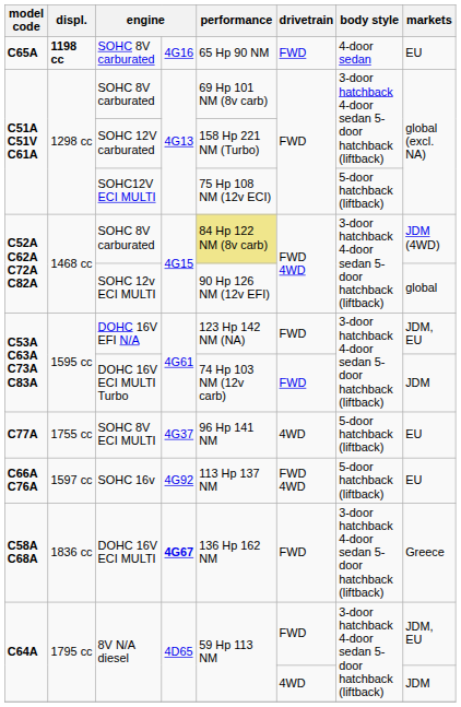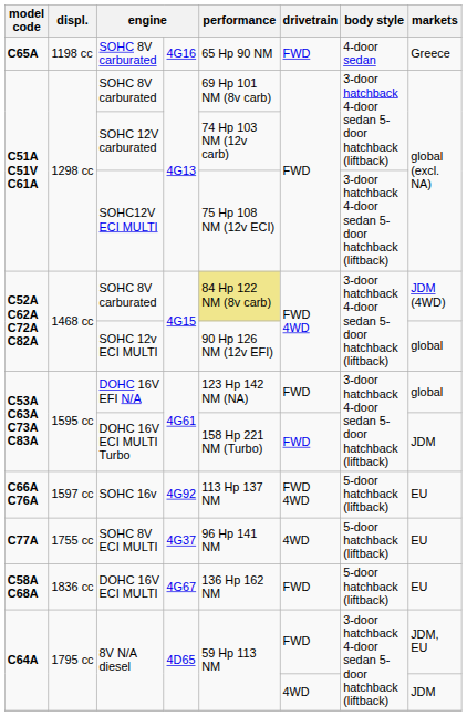 <table class="wikitable" style="text-align:left">
 <tr>
 <th>model code</th>
 <th>displ.</th>
 <th colspan="2">engine</th>
 <th>performance</th>
 <th>drivetrain</th>
 <th>body style</th>
 <th>markets</th>
 </tr>
 <tr>
 <td><strong>C65A</strong></td>
-<td><strong>1198 cc</strong></td>
+<td>1198 cc</td>
 <td><a href='#'>SOHC</a> 8V <a href='#'>carburated</a></td>
 <td><a href='#'>4G16</a></td>
 <td>65 Hp 90 NM</td>
 <td><a href='#'>FWD</a></td>
 <td>4-door <a href='#'>sedan</a></td>
-<td>EU</td>
+<td>Greece</td>
 </tr>
 <tr>
 <td rowspan="3"><strong>C51A</strong><br><strong>C51V</strong> <strong>C61A</strong></td>
 <td rowspan="3">1298 cc</td>
 <td>SOHC 8V carburated</td>
 <td rowspan="3"><a href='#'>4G13</a></td>
 <td>69 Hp 101 NM (8v carb)</td>
 <td rowspan="3">FWD</td>
 <td rowspan="2">3-door <a href='#'>hatchback</a><br>4-door sedan 5-door hatchback (liftback)</td>
 <td rowspan="3">global (excl. NA)</td>
 </tr>
 <tr>
 <td>SOHC 12V carburated</td>
-<td>158 Hp 221 NM (Turbo)</td>
+<td>74 Hp 103 NM (12v carb)</td>
 </tr>
 <tr>
 <td>SOHC12V <a href='#'>ECI MULTI</a></td>
 <td>75 Hp 108 NM (12v ECI)</td>
-<td>5-door hatchback (liftback)</td>
+<td>3-door hatchback<br>4-door sedan 5-door hatchback (liftback)</td>
 </tr>
 <tr>
 <td rowspan="2"><strong>C52A</strong><br><strong>C62A</strong> <strong>C72A</strong> <strong>C82A</strong></td>
 <td rowspan="2">1468 cc</td>
 <td>SOHC 8V carburated</td>
 <td rowspan="2"><a href='#'>4G15</a></td>
 <td style="background: khaki;">84 Hp 122 NM (8v carb)</td>
 <td rowspan="2">FWD<br><a href='#'>4WD</a></td>
 <td rowspan="2">3-door hatchback<br>4-door sedan 5-door hatchback (liftback)</td>
 <td><a href='#'>JDM</a> (4WD)</td>
 </tr>
 <tr>
 <td>SOHC 12v ECI MULTI</td>
 <td>90 Hp 126 NM (12v EFI)</td>
 <td>global</td>
 </tr>
 <tr>
 <td rowspan="2"><strong>C53A</strong><br><strong>C63A</strong> <strong>C73A</strong> <strong>C83A</strong></td>
 <td rowspan="2">1595 cc</td>
 <td><a href='#'>DOHC</a> 16V EFI <a href='#'>N/A</a></td>
 <td rowspan="2"><a href='#'>4G61</a></td>
 <td>123 Hp 142 NM (NA)</td>
 <td>FWD</td>
 <td rowspan="2">3-door hatchback<br>4-door sedan 5-door hatchback (liftback)</td>
-<td>JDM, EU</td>
+<td>global</td>
 </tr>
 <tr>
 <td>DOHC 16V ECI MULTI Turbo</td>
-<td>74 Hp 103 NM (12v carb)</td>
+<td>158 Hp 221 NM (Turbo)</td>
 <td><a href='#'>FWD</a></td>
 <td>JDM</td>
+</tr>
+<tr>
+<td><strong>C66A</strong><br><strong>C76A</strong></td>
+<td>1597 cc</td>
+<td>SOHC 16v</td>
+<td><a href='#'>4G92</a></td>
+<td>113 Hp 137 NM</td>
+<td>FWD<br>4WD</td>
+<td>5-door hatchback (liftback)</td>
+<td>EU</td>
 </tr>
 <tr>
 <td><strong>C77A</strong></td>
 <td>1755 cc</td>
 <td>SOHC 8V ECI MULTI</td>
 <td><a href='#'>4G37</a></td>
 <td>96 Hp 141 NM</td>
 <td>4WD</td>
 <td>5-door hatchback (liftback)</td>
 <td>EU</td>
 </tr>
 <tr>
-<td><strong>C66A</strong><br><strong>C76A</strong></td>
-<td>1597 cc</td>
-<td>SOHC 16v</td>
-<td><a href='#'>4G92</a></td>
-<td>113 Hp 137 NM</td>
-<td>FWD<br>4WD</td>
-<td>5-door hatchback (liftback)</td>
-<td>EU</td>
-</tr>
-<tr>
 <td><strong>C58A</strong><br><strong>C68A</strong></td>
 <td>1836 cc</td>
 <td>DOHC 16V ECI MULTI</td>
-<td><strong><a href='#'>4G67</a></strong></td>
+<td><a href='#'>4G67</a></td>
 <td>136 Hp 162 NM</td>
 <td>FWD</td>
-<td>3-door hatchback<br>4-door sedan 5-door hatchback (liftback)</td>
-<td>Greece</td>
+<td>5-door hatchback (liftback)</td>
+<td>EU</td>
 </tr>
 <tr>
 <td rowspan="2"><strong>C64A</strong></td>
 <td rowspan="2">1795 cc</td>
 <td rowspan="2">8V N/A diesel</td>
 <td rowspan="2"><a href='#'>4D65</a></td>
 <td rowspan="2">59 Hp 113 NM</td>
 <td>FWD</td>
 <td rowspan="2">3-door hatchback<br>4-door sedan 5-door hatchback (liftback)</td>
 <td>JDM, EU</td>
 </tr>
 <tr>
 <td>4WD</td>
 <td>JDM</td>
 </tr>
 <tr>
 </tr>
 </table>
